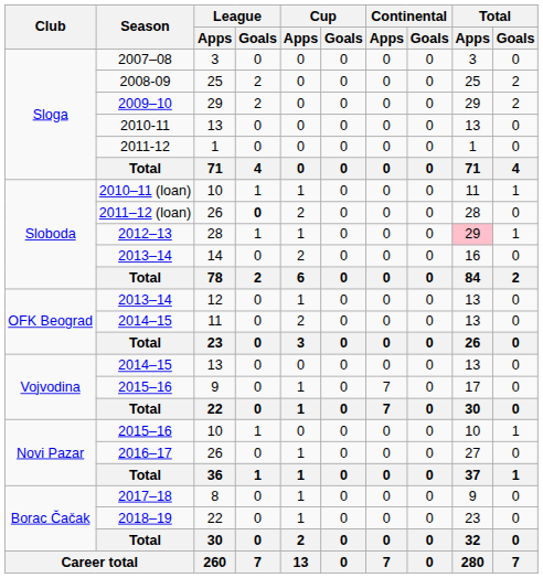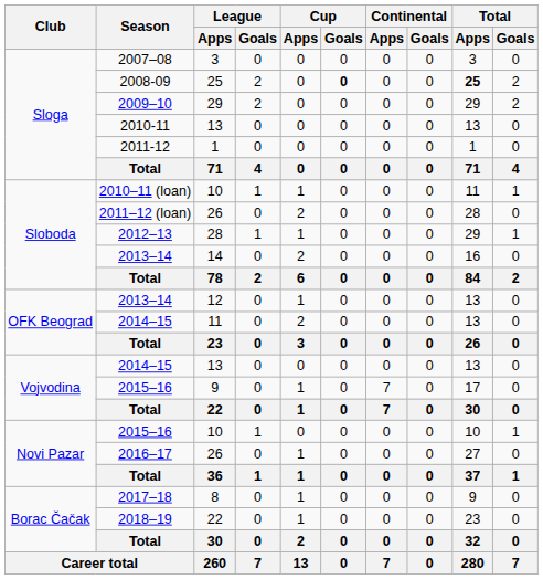 <table class="wikitable" style="text-align:center;font-size:90%">
 <tr>
 <th rowspan="2">Club</th>
 <th rowspan="2">Season</th>
 <th colspan="2">League</th>
 <th colspan="2">Cup</th>
 <th colspan="2">Continental</th>
 <th colspan="2">Total</th>
 </tr>
 <tr>
 <th>Apps</th>
 <th>Goals</th>
 <th>Apps</th>
 <th>Goals</th>
 <th>Apps</th>
 <th>Goals</th>
 <th>Apps</th>
 <th>Goals</th>
 </tr>
 <tr>
 <td rowspan="6"><a href='#'>Sloga</a></td>
 <td>2007–08</td>
 <td>3</td>
 <td>0</td>
 <td>0</td>
 <td>0</td>
 <td>0</td>
 <td>0</td>
 <td>3</td>
 <td>0</td>
 </tr>
 <tr>
 <td>2008-09</td>
 <td>25</td>
 <td>2</td>
 <td>0</td>
+<td><strong>0</strong></td>
 <td>0</td>
 <td>0</td>
-<td>0</td>
-<td>25</td>
+<td><strong>25</strong></td>
 <td>2</td>
 </tr>
 <tr>
 <td><a href='#'>2009–10</a></td>
 <td>29</td>
 <td>2</td>
 <td>0</td>
 <td>0</td>
 <td>0</td>
 <td>0</td>
 <td>29</td>
 <td>2</td>
 </tr>
 <tr>
 <td>2010-11</td>
 <td>13</td>
 <td>0</td>
 <td>0</td>
 <td>0</td>
 <td>0</td>
 <td>0</td>
 <td>13</td>
 <td>0</td>
 </tr>
 <tr>
 <td>2011-12</td>
 <td>1</td>
 <td>0</td>
 <td>0</td>
 <td>0</td>
 <td>0</td>
 <td>0</td>
 <td>1</td>
 <td>0</td>
 </tr>
 <tr>
 <th>Total</th>
 <th>71</th>
 <th>4</th>
 <th>0</th>
 <th>0</th>
 <th>0</th>
 <th>0</th>
 <th>71</th>
 <th>4</th>
 </tr>
 <tr>
 <td rowspan="5"><a href='#'>Sloboda</a></td>
 <td><a href='#'>2010–11</a> (loan)</td>
 <td>10</td>
 <td>1</td>
 <td>1</td>
 <td>0</td>
 <td>0</td>
 <td>0</td>
 <td>11</td>
 <td>1</td>
 </tr>
 <tr>
 <td><a href='#'>2011–12</a> (loan)</td>
 <td>26</td>
-<td><strong>0</strong></td>
+<td>0</td>
 <td>2</td>
 <td>0</td>
 <td>0</td>
 <td>0</td>
 <td>28</td>
 <td>0</td>
 </tr>
 <tr>
 <td><a href='#'>2012–13</a></td>
 <td>28</td>
 <td>1</td>
 <td>1</td>
 <td>0</td>
 <td>0</td>
 <td>0</td>
-<td style="background: pink;">29</td>
+<td>29</td>
 <td>1</td>
 </tr>
 <tr>
 <td><a href='#'>2013–14</a></td>
 <td>14</td>
 <td>0</td>
 <td>2</td>
 <td>0</td>
 <td>0</td>
 <td>0</td>
 <td>16</td>
 <td>0</td>
 </tr>
 <tr>
 <th>Total</th>
 <th>78</th>
 <th>2</th>
 <th>6</th>
 <th>0</th>
 <th>0</th>
 <th>0</th>
 <th>84</th>
 <th>2</th>
 </tr>
 <tr>
 <td rowspan="3"><a href='#'>OFK Beograd</a></td>
 <td><a href='#'>2013–14</a></td>
 <td>12</td>
 <td>0</td>
 <td>1</td>
 <td>0</td>
 <td>0</td>
 <td>0</td>
 <td>13</td>
 <td>0</td>
 </tr>
 <tr>
 <td><a href='#'>2014–15</a></td>
 <td>11</td>
 <td>0</td>
 <td>2</td>
 <td>0</td>
 <td>0</td>
 <td>0</td>
 <td>13</td>
 <td>0</td>
 </tr>
 <tr>
 <th>Total</th>
 <th>23</th>
 <th>0</th>
 <th>3</th>
 <th>0</th>
 <th>0</th>
 <th>0</th>
 <th>26</th>
 <th>0</th>
 </tr>
 <tr>
 <td rowspan="3"><a href='#'>Vojvodina</a></td>
 <td><a href='#'>2014–15</a></td>
 <td>13</td>
 <td>0</td>
 <td>0</td>
 <td>0</td>
 <td>0</td>
 <td>0</td>
 <td>13</td>
 <td>0</td>
 </tr>
 <tr>
 <td><a href='#'>2015–16</a></td>
 <td>9</td>
 <td>0</td>
 <td>1</td>
 <td>0</td>
 <td>7</td>
 <td>0</td>
 <td>17</td>
 <td>0</td>
 </tr>
 <tr>
 <th>Total</th>
 <th>22</th>
 <th>0</th>
 <th>1</th>
 <th>0</th>
 <th>7</th>
 <th>0</th>
 <th>30</th>
 <th>0</th>
 </tr>
 <tr>
 <td rowspan="3"><a href='#'>Novi Pazar</a></td>
 <td><a href='#'>2015–16</a></td>
 <td>10</td>
 <td>1</td>
 <td>0</td>
 <td>0</td>
 <td>0</td>
 <td>0</td>
 <td>10</td>
 <td>1</td>
 </tr>
 <tr>
 <td><a href='#'>2016–17</a></td>
 <td>26</td>
 <td>0</td>
 <td>1</td>
 <td>0</td>
 <td>0</td>
 <td>0</td>
 <td>27</td>
 <td>0</td>
 </tr>
 <tr>
 <th>Total</th>
 <th>36</th>
 <th>1</th>
 <th>1</th>
 <th>0</th>
 <th>0</th>
 <th>0</th>
 <th>37</th>
 <th>1</th>
 </tr>
 <tr>
 <td rowspan="3"><a href='#'>Borac Čačak</a></td>
 <td><a href='#'>2017–18</a></td>
 <td>8</td>
 <td>0</td>
 <td>1</td>
 <td>0</td>
 <td>0</td>
 <td>0</td>
 <td>9</td>
 <td>0</td>
 </tr>
 <tr>
 <td><a href='#'>2018–19</a></td>
 <td>22</td>
 <td>0</td>
 <td>1</td>
 <td>0</td>
 <td>0</td>
 <td>0</td>
 <td>23</td>
 <td>0</td>
 </tr>
 <tr>
 <th>Total</th>
 <th>30</th>
 <th>0</th>
 <th>2</th>
 <th>0</th>
 <th>0</th>
 <th>0</th>
 <th>32</th>
 <th>0</th>
 </tr>
 <tr>
 <th colspan="2">Career total</th>
 <th>260</th>
 <th>7</th>
 <th>13</th>
 <th>0</th>
 <th>7</th>
 <th>0</th>
 <th>280</th>
 <th>7</th>
 </tr>
 </table>
